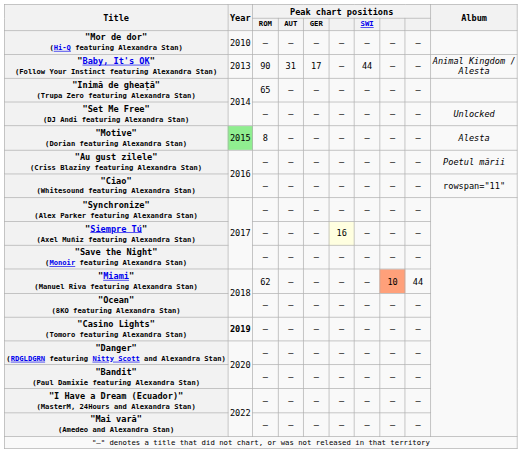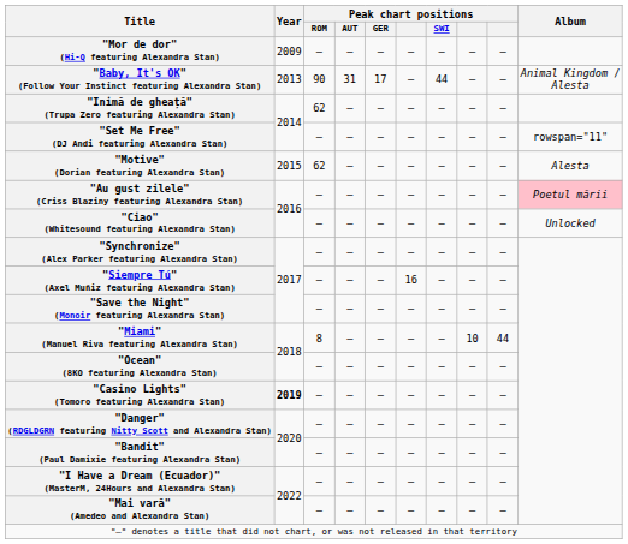 <table class="wikitable plainrowheaders" style="text-align:center;">
 <tr>
 <th scope="col" rowspan="2">Title</th>
 <th scope="col" rowspan="2">Year</th>
 <th scope="col" colspan="7">Peak chart positions</th>
 <th scope="col" rowspan="2">Album</th>
 </tr>
 <tr>
 <th style="width:3em;font-size:85%">ROM<br></th>
 <th scope="col" style="width:3em;font-size:85%;">AUT<br></th>
 <th scope="col" style="width:3em;font-size:85%;">GER<br></th>
 <th scope="col" style="width:3em;font-size:85%;"><a href='#'></a><br></th>
 <th scope="col" style="width:3em;font-size:85%;"><a href='#'>SWI</a><br></th>
 <th scope="col" style="width:3em;font-size:85%;"><a href='#'></a><br></th>
 <th scope="col" style="width:3em;font-size:85%;"><a href='#'></a><br></th>
 </tr>
 <tr>
 <th scope="row">"Mor de dor" <br><small>(<a href='#'>Hi-Q</a> featuring Alexandra Stan)</small></th>
-<td>2010</td>
+<td>2009</td>
 <td>—</td>
 <td>—</td>
 <td>—</td>
 <td>—</td>
 <td>—</td>
 <td>—</td>
 <td>—</td>
 <td></td>
 </tr>
 <tr>
 <th scope="row">"<a href='#'>Baby, It's OK</a>" <br><small>(Follow Your Instinct featuring Alexandra Stan)</small></th>
 <td>2013</td>
 <td>90</td>
 <td>31</td>
 <td>17</td>
 <td>—</td>
 <td>44</td>
 <td>—</td>
 <td>—</td>
 <td><em>Animal Kingdom</em> /<br><em>Alesta</em></td>
 </tr>
 <tr>
 <th scope="row">"Inimă de gheață" <br><small>(Trupa Zero featuring Alexandra Stan)</small></th>
 <td rowspan="2">2014</td>
-<td>65</td>
+<td>62</td>
 <td>—</td>
 <td>—</td>
 <td>—</td>
 <td>—</td>
 <td>—</td>
 <td>—</td>
 <td></td>
 </tr>
 <tr>
 <th scope="row">"Set Me Free" <br><small>(DJ Andi featuring Alexandra Stan)</small></th>
 <td>—</td>
 <td>—</td>
 <td>—</td>
 <td>—</td>
 <td>—</td>
 <td>—</td>
 <td>—</td>
-<td><em>Unlocked</em></td>
+<td>rowspan="11" </td>
 </tr>
 <tr>
 <th scope="row">"Motive" <br><small>(Dorian featuring Alexandra Stan)</small></th>
-<td style="background: lightgreen;">2015</td>
-<td>8</td>
+<td>2015</td>
+<td>62</td>
 <td>—</td>
 <td>—</td>
 <td>—</td>
 <td>—</td>
 <td>—</td>
 <td>—</td>
 <td><em>Alesta</em></td>
 </tr>
 <tr>
 <th scope="row">"Au gust zilele"<br><small>(Criss Blaziny featuring Alexandra Stan)</small></th>
 <td rowspan="2">2016</td>
 <td>—</td>
 <td>—</td>
 <td>—</td>
 <td>—</td>
 <td>—</td>
 <td>—</td>
 <td>—</td>
-<td><em>Poetul mării</em></td>
+<td style="background: pink;"><em>Poetul mării</em></td>
 </tr>
 <tr>
 <th scope="row">"Ciao" <br><small>(Whitesound featuring Alexandra Stan)</small></th>
 <td>—</td>
 <td>—</td>
 <td>—</td>
 <td>—</td>
 <td>—</td>
 <td>—</td>
 <td>—</td>
-<td>rowspan="11" </td>
+<td><em>Unlocked</em></td>
 </tr>
 <tr>
 <th scope="row">"Synchronize" <br><small>(Alex Parker featuring Alexandra Stan)</small></th>
 <td rowspan="3">2017</td>
 <td>—</td>
 <td>—</td>
 <td>—</td>
 <td>—</td>
 <td>—</td>
 <td>—</td>
 <td>—</td>
 </tr>
 <tr>
 <th scope="row">"<a href='#'>Siempre Tú</a>" <br><small>(Axel Muñiz featuring Alexandra Stan)</small></th>
 <td>—</td>
 <td>—</td>
 <td>—</td>
-<td style="background: lightyellow;">16</td>
+<td>16</td>
 <td>—</td>
 <td>—</td>
 <td>—</td>
 </tr>
 <tr>
 <th scope="row">"Save the Night" <br><small>(<a href='#'>Monoir</a> featuring Alexandra Stan)</small></th>
 <td>—</td>
 <td>—</td>
 <td>—</td>
 <td>—</td>
 <td>—</td>
 <td>—</td>
 <td>—</td>
 </tr>
 <tr>
 <th scope="row">"<a href='#'>Miami</a>" <br><small>(Manuel Riva featuring Alexandra Stan)</small></th>
 <td rowspan="2">2018</td>
-<td>62</td>
+<td>8</td>
 <td>—</td>
 <td>—</td>
 <td>—</td>
 <td>—</td>
-<td style="background: lightsalmon;">10</td>
+<td>10</td>
 <td>44</td>
 </tr>
 <tr>
 <th scope="row">"Ocean" <br><small>(8KO featuring Alexandra Stan)</small></th>
 <td>—</td>
 <td>—</td>
 <td>—</td>
 <td>—</td>
 <td>—</td>
 <td>—</td>
 <td>—</td>
 </tr>
 <tr>
 <th scope="row">"Casino Lights"<br><small>(Tomoro featuring Alexandra Stan)</small></th>
 <td><strong>2019</strong></td>
 <td>—</td>
 <td>—</td>
 <td>—</td>
 <td>—</td>
 <td>—</td>
 <td>—</td>
 <td>—</td>
 </tr>
 <tr>
 <th scope="row">"Danger"<br><small>(<a href='#'>RDGLDGRN</a> featuring <a href='#'>Nitty Scott</a> and Alexandra Stan)</small></th>
 <td rowspan="2">2020</td>
 <td>—</td>
 <td>—</td>
 <td>—</td>
 <td>—</td>
 <td>—</td>
 <td>—</td>
 <td>—</td>
 </tr>
 <tr>
 <th scope="row">"Bandit"<br><small>(Paul Damixie featuring Alexandra Stan)</small></th>
 <td>—</td>
 <td>—</td>
 <td>—</td>
 <td>—</td>
 <td>—</td>
 <td>—</td>
 <td>—</td>
 </tr>
 <tr>
 <th scope="row">"I Have a Dream (Ecuador)"<br><small>(MasterM, 24Hours and Alexandra Stan)</small></th>
 <td rowspan="2">2022</td>
 <td>—</td>
 <td>—</td>
 <td>—</td>
 <td>—</td>
 <td>—</td>
 <td>—</td>
 <td>—</td>
 </tr>
 <tr>
 <th scope="row">"Mai vară"<br><small>(Amedeo and Alexandra Stan)</small></th>
 <td>—</td>
 <td>—</td>
 <td>—</td>
 <td>—</td>
 <td>—</td>
 <td>—</td>
 <td>—</td>
 </tr>
 <tr>
 <td colspan="14" style="font-size:85%">"—" denotes a title that did not chart, or was not released in that territory</td>
 </tr>
 </table>
